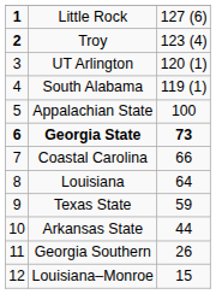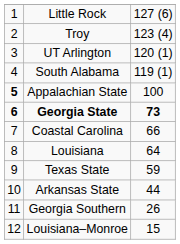 <table class="wikitable">
 <tr align="center">
 </tr>
 <tr align="center">
-<td><strong>1</strong></td>
+<td>1</td>
 <td>Little Rock</td>
 <td>127 (6)</td>
 </tr>
 <tr align="center">
-<td><strong>2</strong></td>
+<td>2</td>
 <td>Troy</td>
 <td>123 (4)</td>
 </tr>
 <tr align="center">
 <td>3</td>
 <td>UT Arlington</td>
 <td>120 (1)</td>
 </tr>
 <tr align="center">
 <td>4</td>
 <td>South Alabama</td>
 <td>119 (1)</td>
 </tr>
 <tr align="center">
-<td>5</td>
+<td><strong>5</strong></td>
 <td>Appalachian State</td>
 <td>100</td>
 </tr>
 <tr align="center">
 <td><strong>6</strong></td>
 <td><strong>Georgia State</strong></td>
 <td><strong>73</strong></td>
 </tr>
 <tr align="center">
 <td>7</td>
 <td>Coastal Carolina</td>
 <td>66</td>
 </tr>
 <tr align="center">
 <td>8</td>
 <td>Louisiana</td>
 <td>64</td>
 </tr>
 <tr align="center">
 <td>9</td>
 <td>Texas State</td>
 <td>59</td>
 </tr>
 <tr align="center">
 <td>10</td>
 <td>Arkansas State</td>
 <td>44</td>
 </tr>
 <tr align="center">
 <td>11</td>
 <td>Georgia Southern</td>
 <td>26</td>
 </tr>
 <tr align="center">
 <td>12</td>
 <td>Louisiana–Monroe</td>
 <td>15</td>
 </tr>
 </table>
